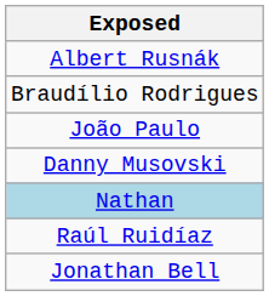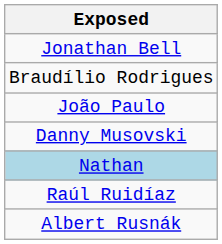 <table class="wikitable" style="text-align:center">
 <tr>
 <th>Exposed</th>
 </tr>
 <tr>
-<td><a href='#'>Albert Rusnák</a></td>
+<td><a href='#'>Jonathan Bell</a></td>
 </tr>
 <tr>
 <td>Braudílio Rodrigues</td>
 </tr>
 <tr>
 <td><a href='#'>João Paulo</a></td>
 </tr>
 <tr>
 <td><a href='#'>Danny Musovski</a></td>
 </tr>
 <tr>
 <td style="background: lightblue;"><a href='#'>Nathan</a></td>
 </tr>
 <tr>
 <td><a href='#'>Raúl Ruidíaz</a></td>
 </tr>
 <tr>
-<td><a href='#'>Jonathan Bell</a></td>
+<td><a href='#'>Albert Rusnák</a></td>
 </tr>
 </table>
